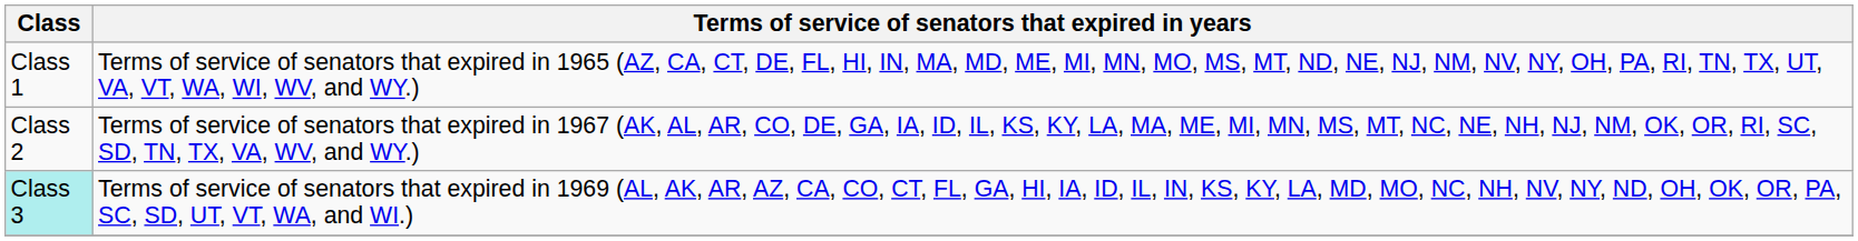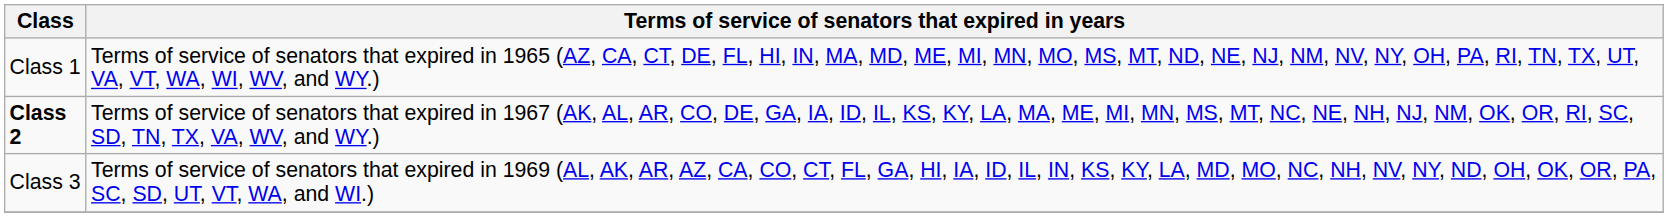 <table class="wikitable sortable">
 <tr valign=bottom>
 <th>Class</th>
 <th>Terms of service of senators that expired in years</th>
 </tr>
 <tr>
 <td>Class 1</td>
 <td>Terms of service of senators that expired in 1965 (<a href='#'>AZ</a>, <a href='#'>CA</a>, <a href='#'>CT</a>, <a href='#'>DE</a>, <a href='#'>FL</a>, <a href='#'>HI</a>, <a href='#'>IN</a>, <a href='#'>MA</a>, <a href='#'>MD</a>, <a href='#'>ME</a>,  <a href='#'>MI</a>, <a href='#'>MN</a>, <a href='#'>MO</a>, <a href='#'>MS</a>, <a href='#'>MT</a>, <a href='#'>ND</a>, <a href='#'>NE</a>, <a href='#'>NJ</a>, <a href='#'>NM</a>, <a href='#'>NV</a>, <a href='#'>NY</a>, <a href='#'>OH</a>, <a href='#'>PA</a>, <a href='#'>RI</a>, <a href='#'>TN</a>, <a href='#'>TX</a>, <a href='#'>UT</a>, <a href='#'>VA</a>, <a href='#'>VT</a>, <a href='#'>WA</a>, <a href='#'>WI</a>, <a href='#'>WV</a>, and <a href='#'>WY</a>.)</td>
 </tr>
 <tr>
-<td>Class 2</td>
+<td><strong>Class 2</strong></td>
 <td>Terms of service of senators that expired in 1967 (<a href='#'>AK</a>, <a href='#'>AL</a>, <a href='#'>AR</a>, <a href='#'>CO</a>, <a href='#'>DE</a>, <a href='#'>GA</a>, <a href='#'>IA</a>, <a href='#'>ID</a>, <a href='#'>IL</a>, <a href='#'>KS</a>, <a href='#'>KY</a>, <a href='#'>LA</a>, <a href='#'>MA</a>, <a href='#'>ME</a>, <a href='#'>MI</a>, <a href='#'>MN</a>, <a href='#'>MS</a>, <a href='#'>MT</a>, <a href='#'>NC</a>, <a href='#'>NE</a>, <a href='#'>NH</a>, <a href='#'>NJ</a>, <a href='#'>NM</a>, <a href='#'>OK</a>, <a href='#'>OR</a>, <a href='#'>RI</a>, <a href='#'>SC</a>, <a href='#'>SD</a>, <a href='#'>TN</a>, <a href='#'>TX</a>, <a href='#'>VA</a>, <a href='#'>WV</a>, and <a href='#'>WY</a>.)</td>
 </tr>
 <tr>
-<td style="background: paleturquoise;">Class 3</td>
+<td>Class 3</td>
 <td>Terms of service of senators that expired in 1969 (<a href='#'>AL</a>, <a href='#'>AK</a>, <a href='#'>AR</a>, <a href='#'>AZ</a>, <a href='#'>CA</a>, <a href='#'>CO</a>, <a href='#'>CT</a>, <a href='#'>FL</a>, <a href='#'>GA</a>, <a href='#'>HI</a>, <a href='#'>IA</a>, <a href='#'>ID</a>, <a href='#'>IL</a>, <a href='#'>IN</a>, <a href='#'>KS</a>, <a href='#'>KY</a>, <a href='#'>LA</a>, <a href='#'>MD</a>, <a href='#'>MO</a>, <a href='#'>NC</a>, <a href='#'>NH</a>, <a href='#'>NV</a>, <a href='#'>NY</a>, <a href='#'>ND</a>, <a href='#'>OH</a>, <a href='#'>OK</a>, <a href='#'>OR</a>, <a href='#'>PA</a>, <a href='#'>SC</a>, <a href='#'>SD</a>, <a href='#'>UT</a>, <a href='#'>VT</a>, <a href='#'>WA</a>, and <a href='#'>WI</a>.)</td>
 </tr>
 <tr>
 </tr>
 </table>
